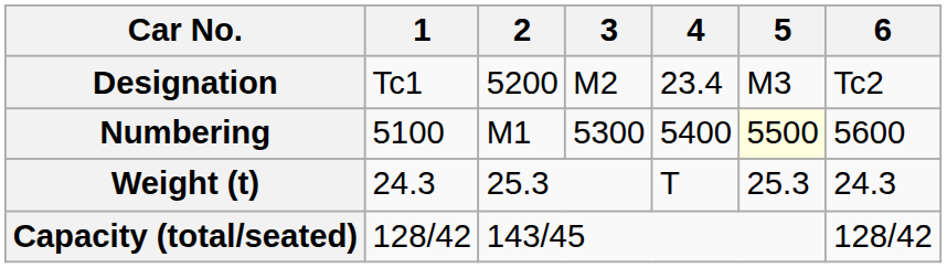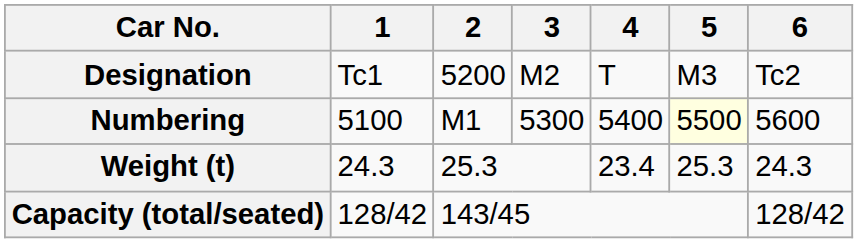 <table class="wikitable">
 <tr>
 <th>Car No.</th>
 <th>1</th>
 <th>2</th>
 <th>3</th>
 <th>4</th>
 <th>5</th>
 <th>6</th>
 </tr>
 <tr>
 <th>Designation</th>
 <td>Tc1</td>
 <td>5200</td>
 <td>M2</td>
-<td>23.4</td>
+<td>T</td>
 <td>M3</td>
 <td>Tc2</td>
 </tr>
 <tr>
 <th>Numbering</th>
 <td>5100</td>
 <td>M1</td>
 <td>5300</td>
 <td>5400</td>
 <td style="background: lightyellow;">5500</td>
 <td>5600</td>
 </tr>
 <tr>
 <th>Weight (t)</th>
 <td>24.3</td>
 <td colspan="2">25.3</td>
-<td>T</td>
+<td>23.4</td>
 <td>25.3</td>
 <td>24.3</td>
 </tr>
 <tr>
 <th>Capacity (total/seated)</th>
 <td>128/42</td>
 <td colspan="4">143/45</td>
 <td>128/42</td>
 </tr>
 </table>
